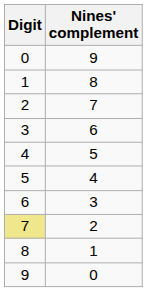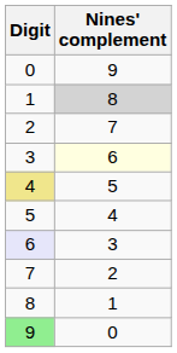 <table class="wikitable floatright">
 <tr>
 <th>Digit</th>
 <th>Nines' <br>complement</th>
 </tr>
 <tr align="center">
 <td>0</td>
 <td>9</td>
 </tr>
 <tr align="center">
 <td>1</td>
-<td>8</td>
+<td style="background: lightgrey;">8</td>
 </tr>
 <tr align="center">
 <td>2</td>
 <td>7</td>
 </tr>
 <tr align="center">
 <td>3</td>
-<td>6</td>
+<td style="background: lightyellow;">6</td>
 </tr>
 <tr align="center">
-<td>4</td>
+<td style="background: khaki;">4</td>
 <td>5</td>
 </tr>
 <tr align="center">
 <td>5</td>
 <td>4</td>
 </tr>
 <tr align="center">
-<td>6</td>
+<td style="background: lavender;">6</td>
 <td>3</td>
 </tr>
 <tr align="center">
-<td style="background: khaki;">7</td>
+<td>7</td>
 <td>2</td>
 </tr>
 <tr align="center">
 <td>8</td>
 <td>1</td>
 </tr>
 <tr align="center">
-<td>9</td>
+<td style="background: lightgreen;">9</td>
 <td>0</td>
 </tr>
 </table>
